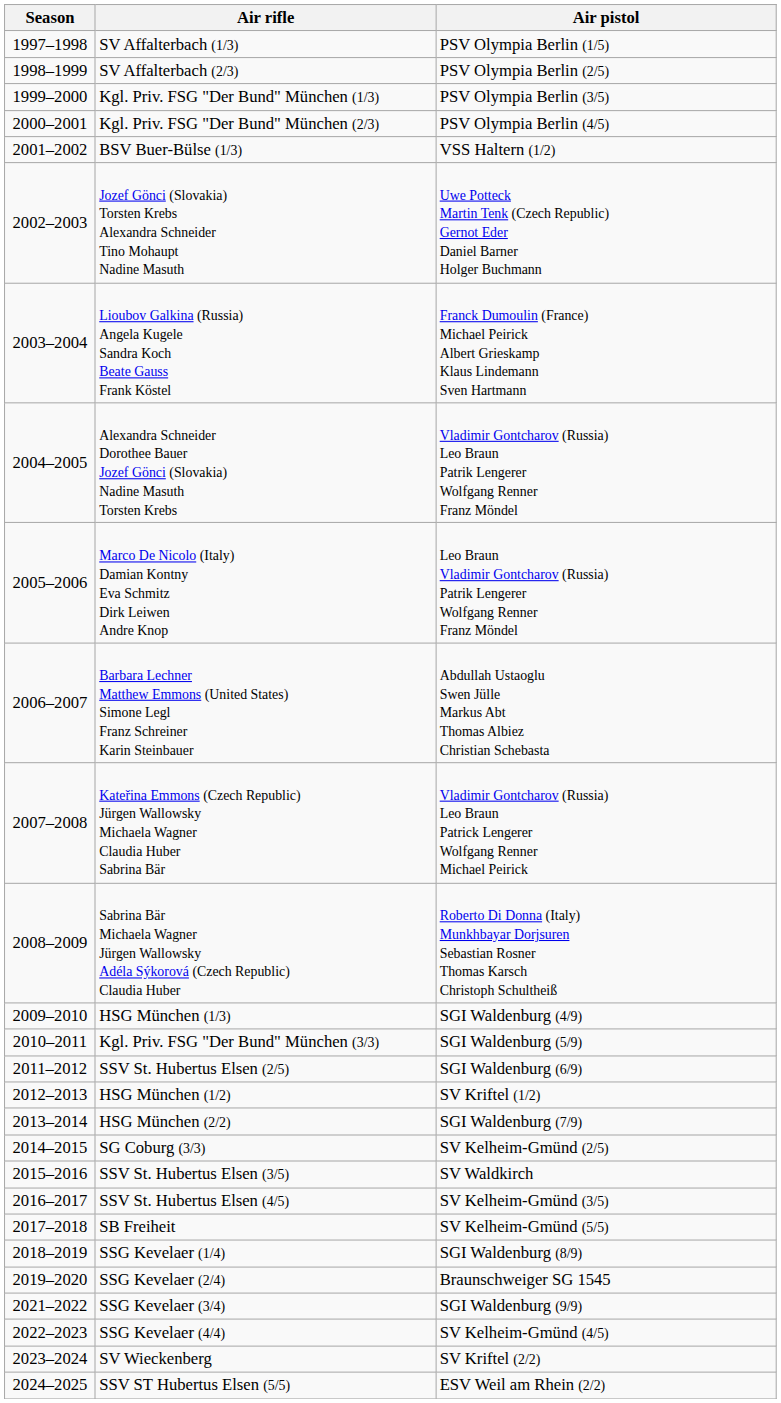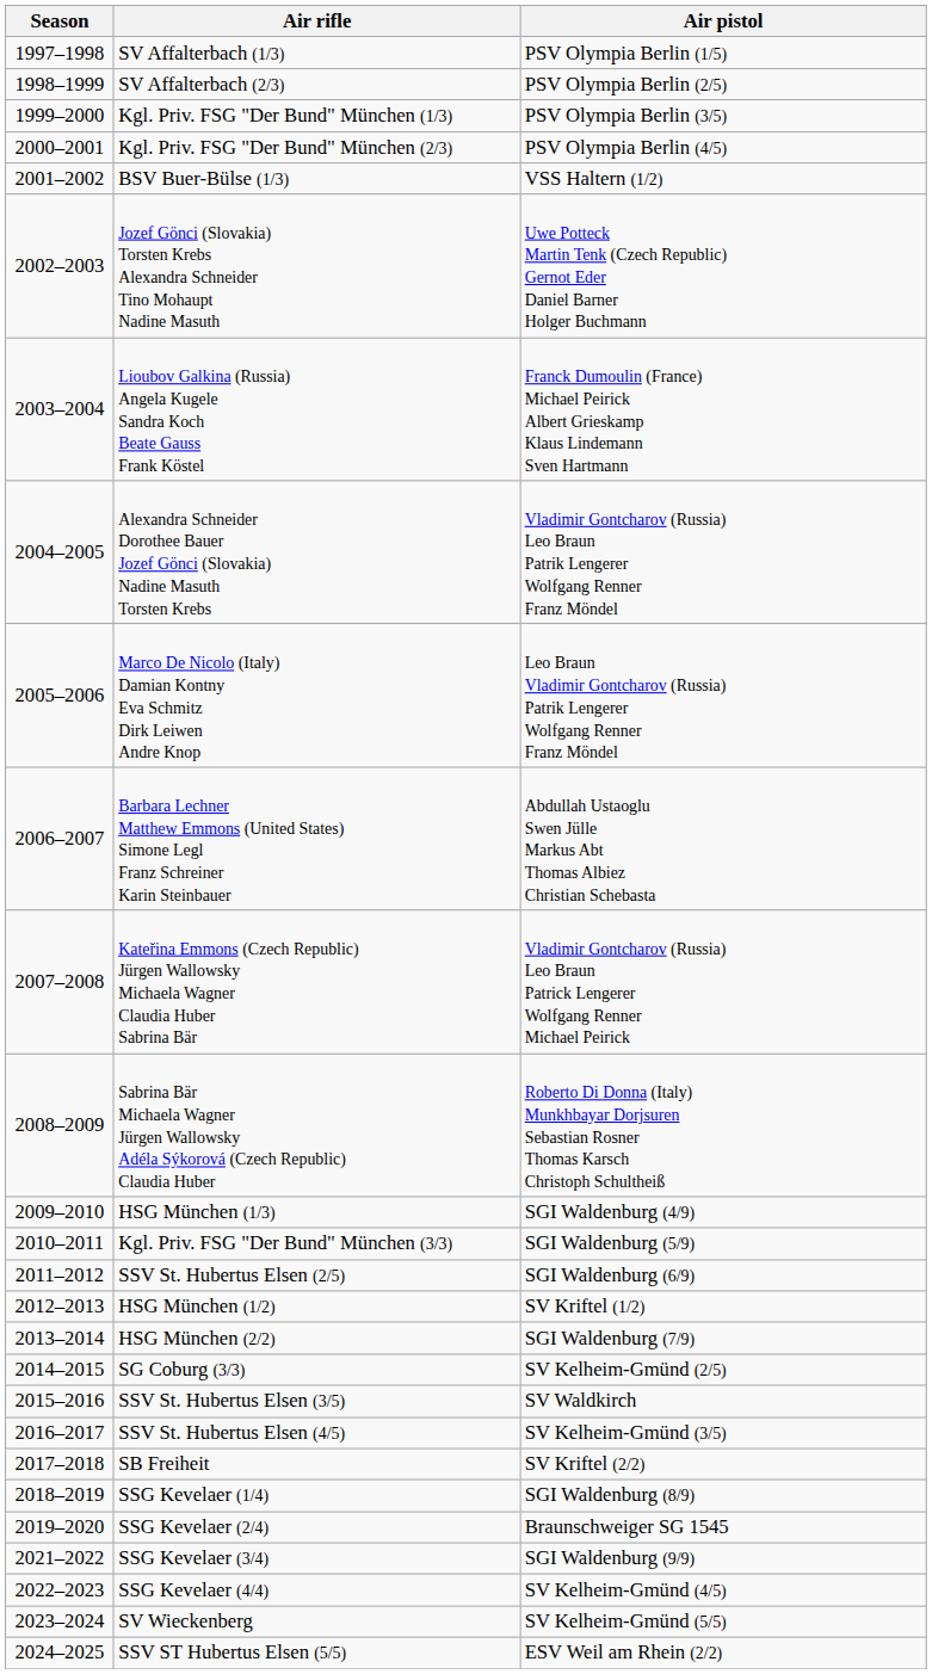 <table class="wikitable sortable">
 <tr>
 <th style="width: 80px">Season</th>
 <th style="width: 320px">Air rifle</th>
 <th style="width: 320px">Air pistol</th>
 </tr>
 <tr>
 <td style="text-align: center">1997–1998</td>
 <td>SV Affalterbach <small>(1/3)</small></td>
 <td>PSV Olympia Berlin <small>(1/5)</small></td>
 </tr>
 <tr>
 <td style="text-align: center">1998–1999</td>
 <td>SV Affalterbach <small>(2/3)</small></td>
 <td>PSV Olympia Berlin <small>(2/5)</small></td>
 </tr>
 <tr>
 <td style="text-align: center">1999–2000</td>
 <td>Kgl. Priv. FSG "Der Bund" München <small>(1/3)</small></td>
 <td>PSV Olympia Berlin <small>(3/5)</small></td>
 </tr>
 <tr>
 <td style="text-align: center">2000–2001</td>
 <td>Kgl. Priv. FSG "Der Bund" München <small>(2/3)</small></td>
 <td>PSV Olympia Berlin <small>(4/5)</small></td>
 </tr>
 <tr>
 <td style="text-align: center">2001–2002</td>
 <td>BSV Buer-Bülse <small>(1/3)</small></td>
 <td>VSS Haltern <small>(1/2)</small></td>
 </tr>
 <tr>
 <td style="text-align: center">2002–2003</td>
 <td><br><small><a href='#'>Jozef Gönci</a> (Slovakia)<br>Torsten Krebs<br>Alexandra Schneider<br>Tino Mohaupt<br>Nadine Masuth</small> </td>
 <td><br><small><a href='#'>Uwe Potteck</a><br><a href='#'>Martin Tenk</a> (Czech Republic)<br><a href='#'>Gernot Eder</a><br>Daniel Barner<br>Holger Buchmann</small> </td>
 </tr>
 <tr>
 <td style="text-align: center">2003–2004</td>
 <td><br><small><a href='#'>Lioubov Galkina</a> (Russia)<br>Angela Kugele<br>Sandra Koch<br><a href='#'>Beate Gauss</a><br>Frank Köstel</small> </td>
 <td><br><small><a href='#'>Franck Dumoulin</a> (France)<br>Michael Peirick<br>Albert Grieskamp<br>Klaus Lindemann<br>Sven Hartmann</small> </td>
 </tr>
 <tr>
 <td style="text-align: center">2004–2005</td>
 <td><br><small>Alexandra Schneider<br>Dorothee Bauer<br><a href='#'>Jozef Gönci</a> (Slovakia)<br>Nadine Masuth<br>Torsten Krebs</small> </td>
 <td><br><small><a href='#'>Vladimir Gontcharov</a> (Russia)<br>Leo Braun<br>Patrik Lengerer<br>Wolfgang Renner<br>Franz Möndel</small> </td>
 </tr>
 <tr>
 <td style="text-align: center">2005–2006</td>
 <td><br><small><a href='#'>Marco De Nicolo</a> (Italy)<br>Damian Kontny<br>Eva Schmitz<br>Dirk Leiwen<br>Andre Knop</small> </td>
 <td><br><small>Leo Braun<br><a href='#'>Vladimir Gontcharov</a> (Russia)<br>Patrik Lengerer<br>Wolfgang Renner<br>Franz Möndel</small> </td>
 </tr>
 <tr>
 <td style="text-align: center">2006–2007</td>
 <td><br><small><a href='#'>Barbara Lechner</a><br><a href='#'>Matthew Emmons</a> (United States)<br>Simone Legl<br>Franz Schreiner<br>Karin Steinbauer</small> </td>
 <td><br><small>Abdullah Ustaoglu<br>Swen Jülle<br>Markus Abt<br>Thomas Albiez<br>Christian Schebasta</small> </td>
 </tr>
 <tr>
 <td style="text-align: center">2007–2008</td>
 <td><br><small><a href='#'>Kateřina Emmons</a> (Czech Republic)<br>Jürgen Wallowsky<br>Michaela Wagner<br>Claudia Huber<br>Sabrina Bär</small> </td>
 <td><br><small><a href='#'>Vladimir Gontcharov</a> (Russia)<br>Leo Braun<br>Patrick Lengerer<br>Wolfgang Renner<br>Michael Peirick</small> </td>
 </tr>
 <tr>
 <td style="text-align: center">2008–2009</td>
 <td><br><small>Sabrina Bär<br>Michaela Wagner<br>Jürgen Wallowsky<br><a href='#'>Adéla Sýkorová</a> (Czech Republic)<br>Claudia Huber</small> </td>
 <td><br><small><a href='#'>Roberto Di Donna</a> (Italy)<br><a href='#'>Munkhbayar Dorjsuren</a><br>Sebastian Rosner<br>Thomas Karsch<br>Christoph Schultheiß</small> </td>
 </tr>
 <tr>
 <td align=center>2009–2010</td>
 <td>HSG München <small>(1/3)</small></td>
 <td>SGI Waldenburg <small>(4/9)</small></td>
 </tr>
 <tr>
 <td align=center>2010–2011</td>
 <td>Kgl. Priv. FSG "Der Bund" München <small>(3/3)</small></td>
 <td>SGI Waldenburg <small>(5/9)</small></td>
 </tr>
 <tr>
 <td align=center>2011–2012</td>
 <td>SSV St. Hubertus Elsen <small>(2/5)</small></td>
 <td>SGI Waldenburg <small>(6/9)</small></td>
 </tr>
 <tr>
 <td align=center>2012–2013</td>
 <td>HSG München <small>(1/2)</small></td>
 <td>SV Kriftel <small>(1/2)</small></td>
 </tr>
 <tr>
 <td align=center>2013–2014</td>
 <td>HSG München <small>(2/2)</small></td>
 <td>SGI Waldenburg <small>(7/9)</small></td>
 </tr>
 <tr>
 <td align=center>2014–2015</td>
 <td>SG Coburg <small>(3/3)</small></td>
 <td>SV Kelheim-Gmünd <small>(2/5)</small></td>
 </tr>
 <tr>
 <td align=center>2015–2016</td>
 <td>SSV St. Hubertus Elsen <small>(3/5)</small></td>
 <td>SV Waldkirch</td>
 </tr>
 <tr>
 <td align=center>2016–2017</td>
 <td>SSV St. Hubertus Elsen <small>(4/5)</small></td>
 <td>SV Kelheim-Gmünd <small>(3/5)</small></td>
 </tr>
 <tr>
 <td align=center>2017–2018</td>
 <td>SB Freiheit</td>
-<td>SV Kelheim-Gmünd <small>(5/5)</small></td>
+<td>SV Kriftel <small>(2/2)</small></td>
 </tr>
 <tr>
 <td align=center>2018–2019</td>
 <td>SSG Kevelaer <small>(1/4)</small></td>
 <td>SGI Waldenburg <small>(8/9)</small></td>
 </tr>
 <tr>
 <td align=center>2019–2020</td>
 <td>SSG Kevelaer <small>(2/4)</small></td>
 <td>Braunschweiger SG 1545</td>
 </tr>
 <tr>
 <td align=center>2021–2022</td>
 <td>SSG Kevelaer <small>(3/4)</small></td>
 <td>SGI Waldenburg <small>(9/9)</small></td>
 </tr>
 <tr>
 <td align=center>2022–2023</td>
 <td>SSG Kevelaer <small>(4/4)</small></td>
 <td>SV Kelheim-Gmünd <small>(4/5)</small></td>
 </tr>
 <tr>
 <td align=center>2023–2024</td>
 <td>SV Wieckenberg</td>
-<td>SV Kriftel <small>(2/2)</small></td>
+<td>SV Kelheim-Gmünd <small>(5/5)</small></td>
 </tr>
 <tr>
 <td align=center>2024–2025</td>
 <td>SSV ST Hubertus Elsen <small>(5/5)</small></td>
 <td>ESV Weil am Rhein <small>(2/2)</small></td>
 </tr>
 <tr>
 </tr>
 </table>
